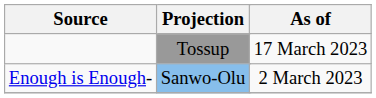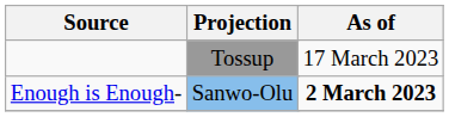 <table class="wikitable" style="text-align:center">
 <tr>
 <th>Source</th>
 <th colspan=2>Projection</th>
 <th>As of</th>
 </tr>
 <tr>
 <td align="left"></td>
 <td colspan=2 bgcolor=#999999>Tossup</td>
 <td>17 March 2023</td>
 </tr>
 <tr>
 <td align="left"><a href='#'>Enough is Enough</a>-<br></td>
 <td colspan=2 bgcolor=#87BEEB>Sanwo-Olu</td>
-<td>2 March 2023</td>
+<td><strong>2 March 2023</strong></td>
 </tr>
 <tr>
 </tr>
 </table>
